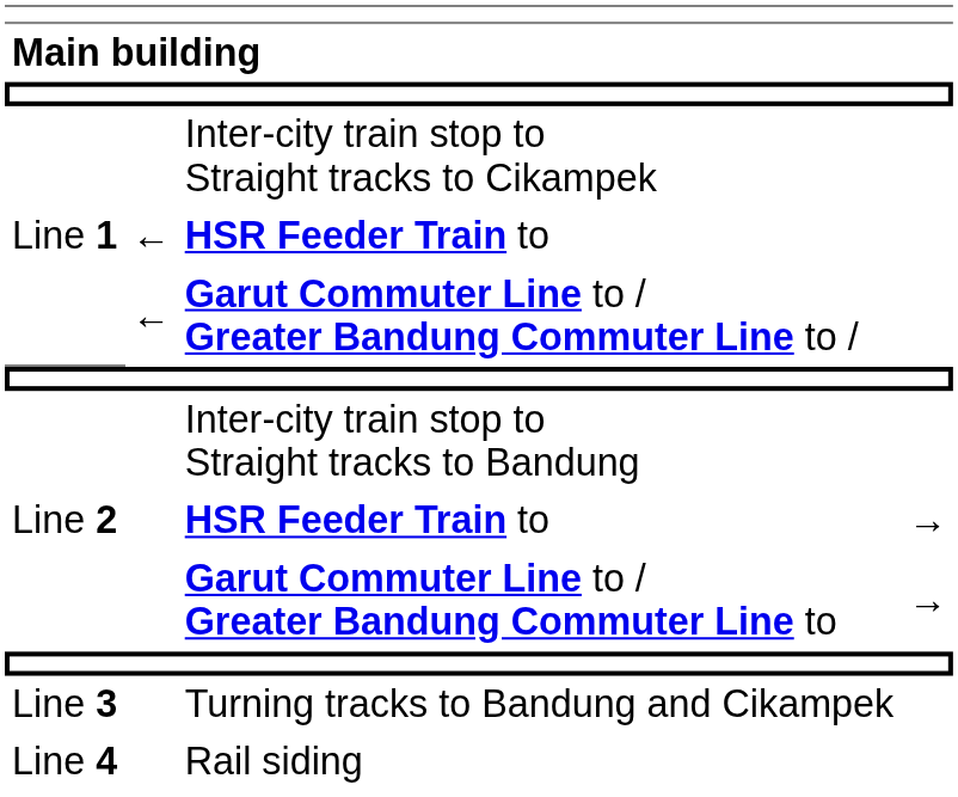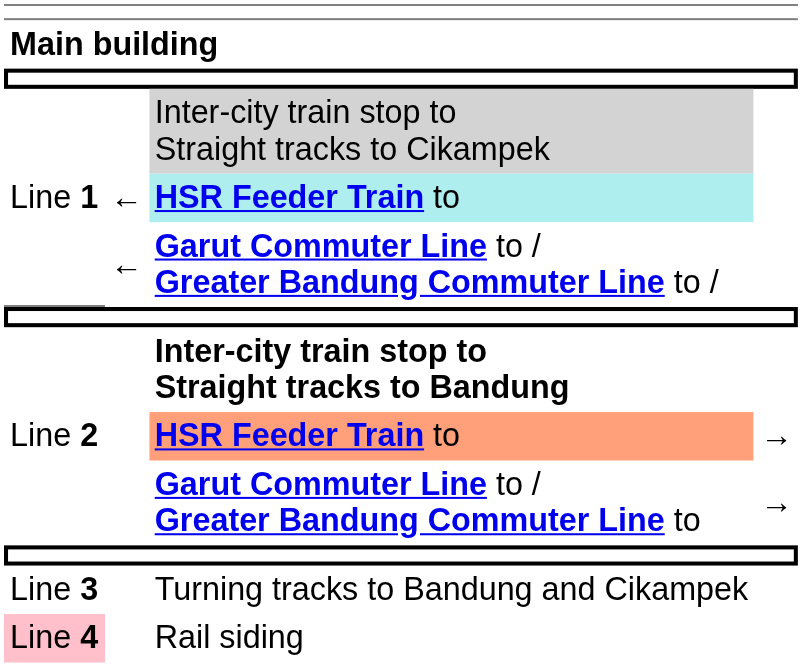 <table cellpadding="3" cellspacing="0">
 <tr>
 <td colspan="4" style="border-top:solid 1px gray;border-bottom:solid 1px gray;text-align:center"> </td>
 </tr>
 <tr>
 <td colspan="4"><strong>Main building</strong></td>
 </tr>
 <tr>
 <td colspan="4" style="text-align:center; border-top:solid 2px black;border-left:solid 2px black;border-right:solid 2px black;border-bottom:solid 2px black;"></td>
 </tr>
 <tr>
 <td rowspan="3" style="border-bottom:solid 1px gray;">Line <strong>1</strong></td>
 <td></td>
-<td><em></em> Inter-city train stop to <br>Straight tracks to Cikampek</td>
+<td style="background: lightgrey;"><em></em> Inter-city train stop to <br>Straight tracks to Cikampek</td>
 <td></td>
 </tr>
 <tr>
 <td>← </td>
-<td> <strong><a href='#'>HSR Feeder Train</a></strong> to </td>
+<td style="background: paleturquoise;"> <strong><a href='#'>HSR Feeder Train</a></strong> to </td>
 <td></td>
 </tr>
 <tr>
 <td>← </td>
 <td> <strong><a href='#'>Garut Commuter Line</a></strong> to /<br> <strong><a href='#'>Greater Bandung Commuter Line</a></strong> to /</td>
 <td></td>
 </tr>
 <tr>
 <td colspan="4" style="text-align:center; border-top:solid 2px black;border-left:solid 2px black;border-right:solid 2px black;border-bottom:solid 2px black;"></td>
 </tr>
 <tr>
 <td rowspan="3">Line <strong>2</strong></td>
 <td></td>
-<td> Inter-city train stop to <br>Straight tracks to Bandung</td>
+<td><strong> Inter-city train stop to <br>Straight tracks to Bandung</strong></td>
 <td></td>
 </tr>
 <tr>
 <td></td>
-<td> <strong><a href='#'>HSR Feeder Train</a></strong> to </td>
+<td style="background: lightsalmon;"> <strong><a href='#'>HSR Feeder Train</a></strong> to </td>
 <td> →</td>
 </tr>
 <tr>
 <td></td>
 <td> <strong><a href='#'>Garut Commuter Line</a></strong> to /<br> <strong><a href='#'>Greater Bandung Commuter Line</a></strong> to </td>
 <td> →</td>
 </tr>
 <tr>
 <td colspan="4" style="text-align:center; border-top:solid 2px black;border-left:solid 2px black;border-right:solid 2px black;border-bottom:solid 2px black;"></td>
 </tr>
 <tr>
 <td>Line <strong>3</strong></td>
 <td></td>
 <td>Turning tracks to Bandung and Cikampek</td>
 <td></td>
 </tr>
 <tr>
-<td>Line <strong>4</strong></td>
+<td style="background: pink;">Line <strong>4</strong></td>
 <td></td>
 <td>Rail siding</td>
 <td></td>
 </tr>
 </table>
